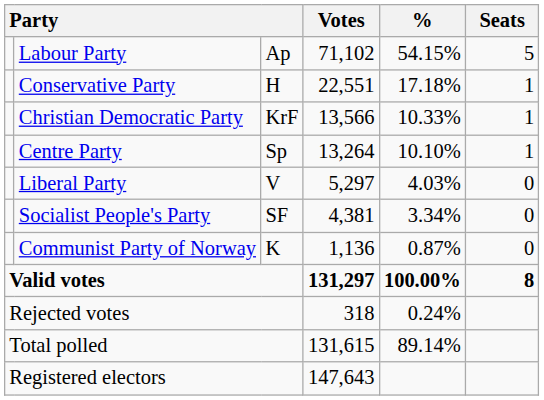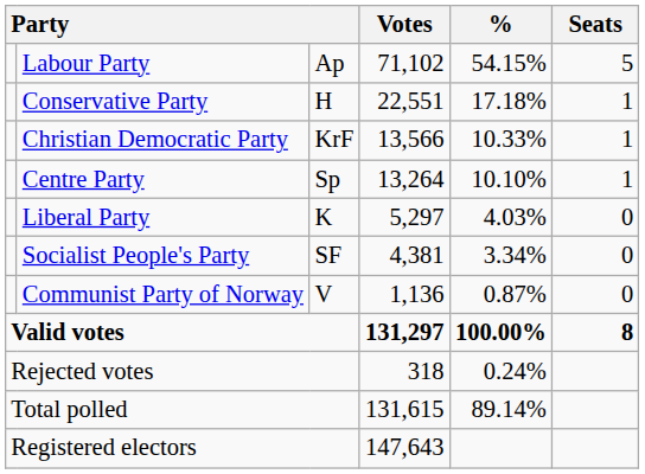 <table class="wikitable" border="1" style="text-align:right;">
 <tr>
 <th style="text-align:left;" colspan=3>Party</th>
 <th align=center width="50">Votes</th>
 <th align=center width="50">%</th>
 <th align=center width="50">Seats</th>
 </tr>
 <tr>
 <td style="color:inherit;background:"></td>
 <td align=left><a href='#'>Labour Party</a></td>
 <td align=left>Ap</td>
 <td>71,102</td>
 <td>54.15%</td>
 <td>5</td>
 </tr>
 <tr>
 <td style="color:inherit;background:"></td>
 <td align=left><a href='#'>Conservative Party</a></td>
 <td align=left>H</td>
 <td>22,551</td>
 <td>17.18%</td>
 <td>1</td>
 </tr>
 <tr>
 <td style="color:inherit;background:"></td>
 <td align=left><a href='#'>Christian Democratic Party</a></td>
 <td align=left>KrF</td>
 <td>13,566</td>
 <td>10.33%</td>
 <td>1</td>
 </tr>
 <tr>
 <td style="color:inherit;background:"></td>
 <td align=left><a href='#'>Centre Party</a></td>
 <td align=left>Sp</td>
 <td>13,264</td>
 <td>10.10%</td>
 <td>1</td>
 </tr>
 <tr>
 <td style="color:inherit;background:"></td>
 <td align=left><a href='#'>Liberal Party</a></td>
-<td align=left>V</td>
+<td align=left>K</td>
 <td>5,297</td>
 <td>4.03%</td>
 <td>0</td>
 </tr>
 <tr>
 <td style="color:inherit;background:"></td>
 <td align=left><a href='#'>Socialist People's Party</a></td>
 <td align=left>SF</td>
 <td>4,381</td>
 <td>3.34%</td>
 <td>0</td>
 </tr>
 <tr>
 <td style="color:inherit;background:"></td>
 <td align=left><a href='#'>Communist Party of Norway</a></td>
-<td align=left>K</td>
+<td align=left>V</td>
 <td>1,136</td>
 <td>0.87%</td>
 <td>0</td>
 </tr>
 <tr style="font-weight:bold">
 <td align=left colspan=3>Valid votes</td>
 <td>131,297</td>
 <td>100.00%</td>
 <td>8</td>
 </tr>
 <tr>
 <td align=left colspan=3>Rejected votes</td>
 <td>318</td>
 <td>0.24%</td>
 <td></td>
 </tr>
 <tr>
 <td align=left colspan=3>Total polled</td>
 <td>131,615</td>
 <td>89.14%</td>
 <td></td>
 </tr>
 <tr>
 <td align=left colspan=3>Registered electors</td>
 <td>147,643</td>
 <td></td>
 <td></td>
 </tr>
 </table>
